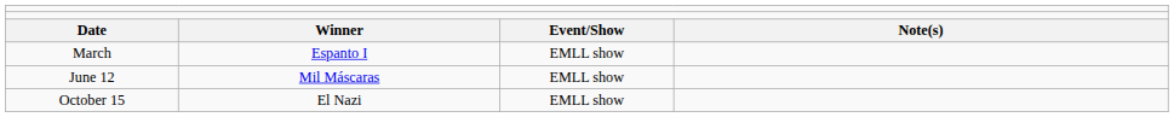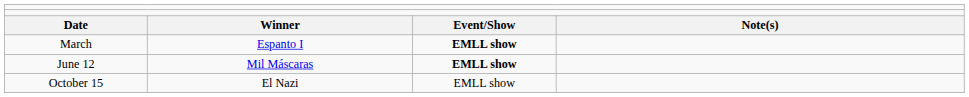 <table class="wikitable" style="text-align:center; width:100%;">
 <tr>
 <td colspan=5></td>
 </tr>
 <tr>
 <td colspan=5><strong></strong></td>
 </tr>
 <tr>
 <th width=14%>Date</th>
 <th width=26%>Winner</th>
 <th width=14%>Event/Show</th>
 <th width=40%>Note(s)</th>
 </tr>
 <tr>
 <td>March</td>
 <td><a href='#'>Espanto I</a></td>
-<td>EMLL show</td>
+<td><strong>EMLL show</strong></td>
 <td align=left></td>
 </tr>
 <tr>
 <td>June 12</td>
 <td><a href='#'>Mil Máscaras</a></td>
-<td>EMLL show</td>
+<td><strong>EMLL show</strong></td>
 <td align=left></td>
 </tr>
 <tr>
 <td>October 15</td>
 <td>El Nazi</td>
 <td>EMLL show</td>
 <td align=left></td>
 </tr>
 </table>
